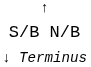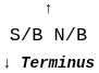 <table style="text-align:center;">
 <tr>
 <td><small>  ↑ </small></td>
 </tr>
 <tr>
 <td><span>S/B</span>   <span>N/B</span></td>
 </tr>
 <tr>
-<td><small> ↓ <em>Terminus</em> </small></td>
+<td><strong><small> ↓ <em>Terminus</em> </small></strong></td>
 </tr>
 </table>
